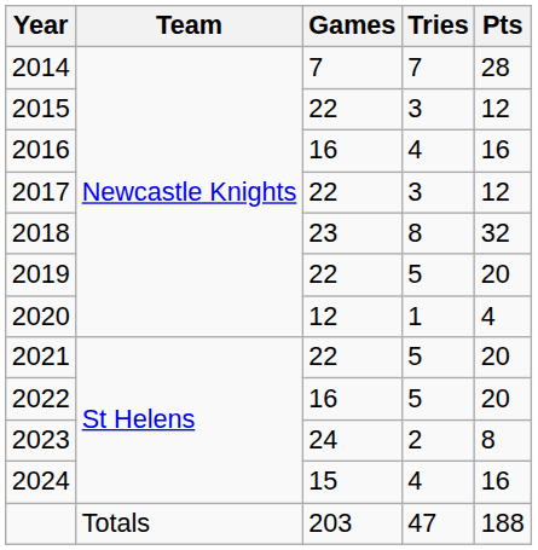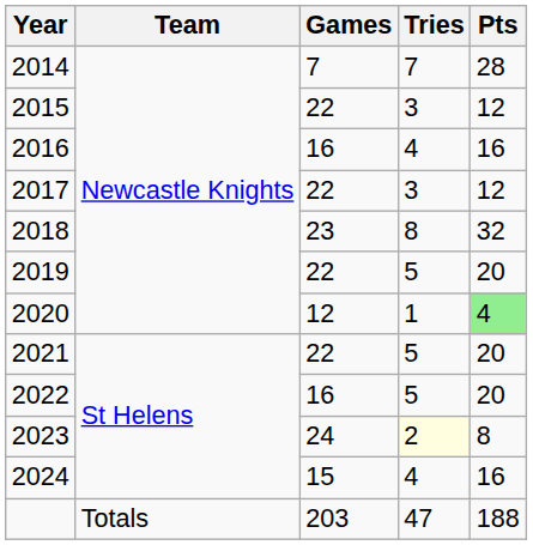 <table class="wikitable">
 <tr>
 <th>Year</th>
 <th>Team</th>
 <th>Games</th>
 <th>Tries</th>
 <th>Pts</th>
 </tr>
 <tr>
 <td>2014</td>
 <td rowspan="7"> <a href='#'>Newcastle Knights</a></td>
 <td>7</td>
 <td>7</td>
 <td>28</td>
 </tr>
 <tr>
 <td>2015</td>
 <td>22</td>
 <td>3</td>
 <td>12</td>
 </tr>
 <tr>
 <td>2016</td>
 <td>16</td>
 <td>4</td>
 <td>16</td>
 </tr>
 <tr>
 <td>2017</td>
 <td>22</td>
 <td>3</td>
 <td>12</td>
 </tr>
 <tr>
 <td>2018</td>
 <td>23</td>
 <td>8</td>
 <td>32</td>
 </tr>
 <tr>
 <td>2019</td>
 <td>22</td>
 <td>5</td>
 <td>20</td>
 </tr>
 <tr>
 <td>2020</td>
 <td>12</td>
 <td>1</td>
-<td>4</td>
+<td style="background: lightgreen;">4</td>
 </tr>
 <tr>
 <td>2021</td>
 <td rowspan="4"> <a href='#'>St Helens</a></td>
 <td>22</td>
 <td>5</td>
 <td>20</td>
 </tr>
 <tr>
 <td>2022</td>
 <td>16</td>
 <td>5</td>
 <td>20</td>
 </tr>
 <tr>
 <td>2023</td>
 <td>24</td>
-<td>2</td>
+<td style="background: lightyellow;">2</td>
 <td>8</td>
 </tr>
 <tr>
 <td>2024</td>
 <td>15</td>
 <td>4</td>
 <td>16</td>
 </tr>
 <tr>
 <td></td>
 <td>Totals</td>
 <td>203</td>
 <td>47</td>
 <td>188</td>
 </tr>
 </table>
